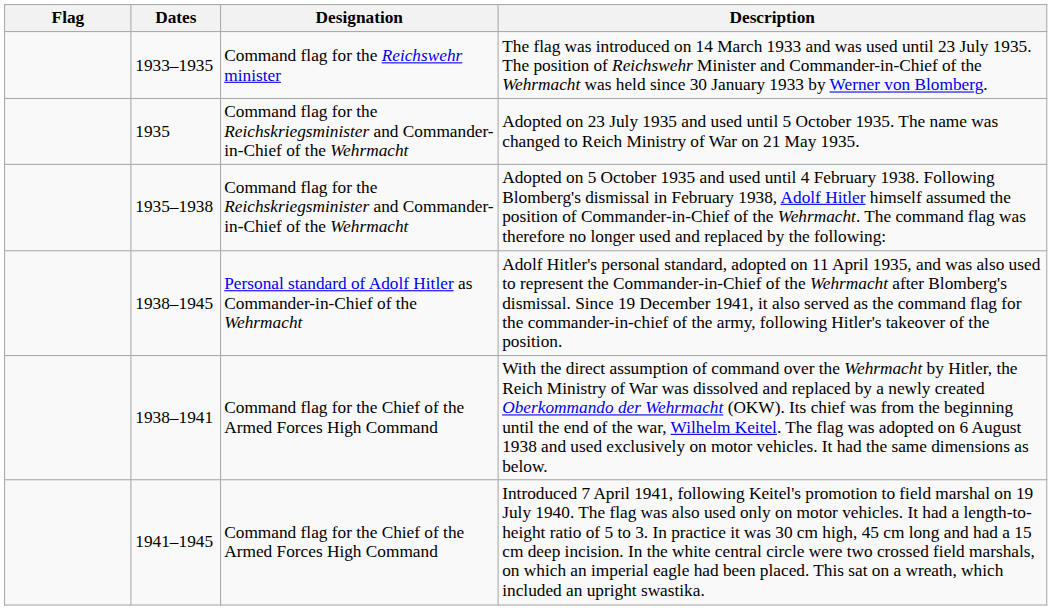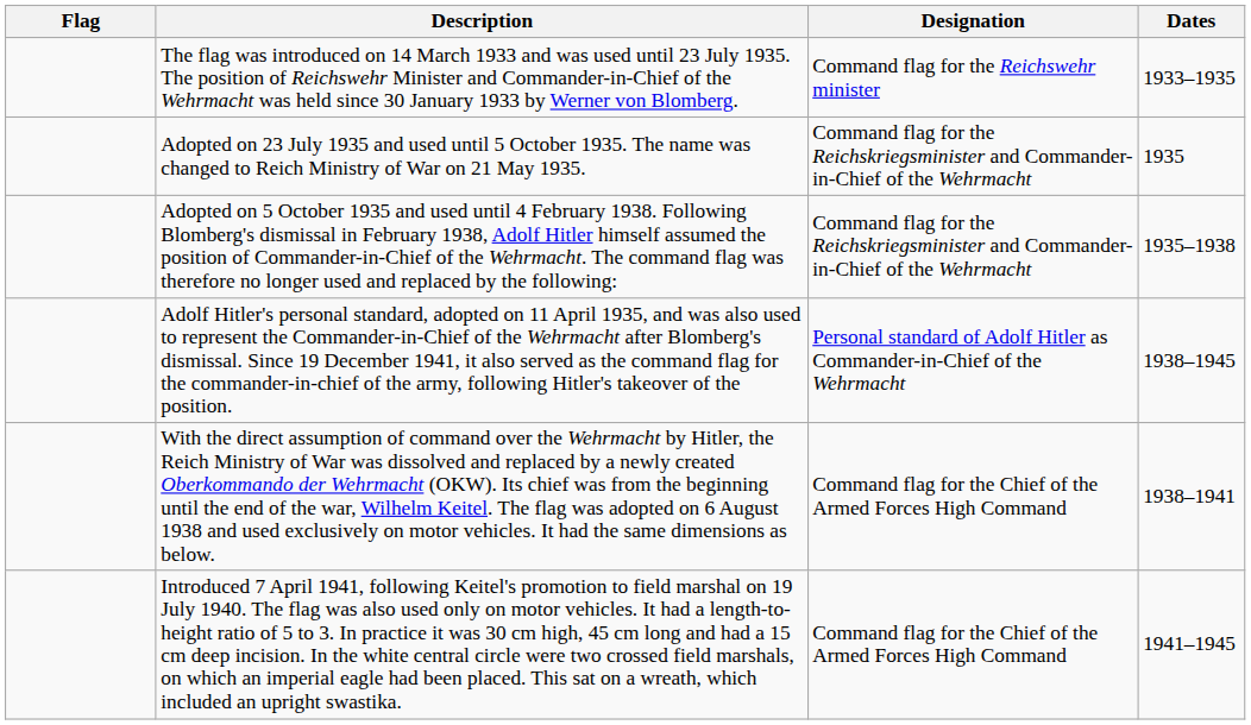 <table class="wikitable">
 <tr>
 <th width="110">Flag</th>
+<th width="500">Description</th>
+<th width="250">Designation</th>
 <th width="75">Dates</th>
-<th width="250">Designation</th>
-<th width="500">Description</th>
 </tr>
 <tr>
 <td></td>
+<td>The flag was introduced on 14 March 1933 and was used until 23 July 1935. The position of <em>Reichswehr</em> Minister and Commander-in-Chief of the <em>Wehrmacht</em> was held since 30 January 1933 by <a href='#'>Werner von Blomberg</a>.</td>
+<td>Command flag for the <a href='#'><em>Reichswehr</em> minister</a></td>
 <td>1933–1935</td>
-<td>Command flag for the <a href='#'><em>Reichswehr</em> minister</a></td>
-<td>The flag was introduced on 14 March 1933 and was used until 23 July 1935. The position of <em>Reichswehr</em> Minister and Commander-in-Chief of the <em>Wehrmacht</em> was held since 30 January 1933 by <a href='#'>Werner von Blomberg</a>.</td>
 </tr>
 <tr>
 <td></td>
+<td>Adopted on 23 July 1935 and used until 5 October 1935. The name was changed to Reich Ministry of War on 21 May 1935.</td>
+<td>Command flag for the <em>Reichskriegsminister</em> and Commander-in-Chief of the <em>Wehrmacht</em></td>
 <td>1935</td>
-<td>Command flag for the <em>Reichskriegsminister</em> and Commander-in-Chief of the <em>Wehrmacht</em></td>
-<td>Adopted on 23 July 1935 and used until 5 October 1935. The name was changed to Reich Ministry of War on 21 May 1935.</td>
 </tr>
 <tr>
 <td></td>
+<td>Adopted on 5 October 1935 and used until 4 February 1938. Following Blomberg's dismissal in February 1938, <a href='#'>Adolf Hitler</a> himself assumed the position of Commander-in-Chief of the <em>Wehrmacht</em>. The command flag was therefore no longer used and replaced by the following:</td>
+<td>Command flag for the <em>Reichskriegsminister</em> and Commander-in-Chief of the <em>Wehrmacht</em></td>
 <td>1935–1938</td>
-<td>Command flag for the <em>Reichskriegsminister</em> and Commander-in-Chief of the <em>Wehrmacht</em></td>
-<td>Adopted on 5 October 1935 and used until 4 February 1938. Following Blomberg's dismissal in February 1938, <a href='#'>Adolf Hitler</a> himself assumed the position of Commander-in-Chief of the <em>Wehrmacht</em>. The command flag was therefore no longer used and replaced by the following:</td>
 </tr>
 <tr>
 <td></td>
+<td>Adolf Hitler's personal standard, adopted on 11 April 1935, and was also used to represent the Commander-in-Chief of the <em>Wehrmacht</em> after Blomberg's dismissal. Since 19 December 1941, it also served as the command flag for the commander-in-chief of the army, following Hitler's takeover of the position.</td>
+<td><a href='#'>Personal standard of Adolf Hitler</a> as Commander-in-Chief of the <em>Wehrmacht</em></td>
 <td>1938–1945</td>
-<td><a href='#'>Personal standard of Adolf Hitler</a> as Commander-in-Chief of the <em>Wehrmacht</em></td>
-<td>Adolf Hitler's personal standard, adopted on 11 April 1935, and was also used to represent the Commander-in-Chief of the <em>Wehrmacht</em> after Blomberg's dismissal. Since 19 December 1941, it also served as the command flag for the commander-in-chief of the army, following Hitler's takeover of the position.</td>
 </tr>
 <tr>
 <td></td>
+<td>With the direct assumption of command over the <em>Wehrmacht</em> by Hitler, the Reich Ministry of War was dissolved and replaced by a newly created <em><a href='#'>Oberkommando der Wehrmacht</a></em> (OKW). Its chief was from the beginning until the end of the war, <a href='#'>Wilhelm Keitel</a>. The flag was adopted on 6 August 1938 and used exclusively on motor vehicles. It had the same dimensions as below.</td>
+<td>Command flag for the Chief of the Armed Forces High Command</td>
 <td>1938–1941</td>
-<td>Command flag for the Chief of the Armed Forces High Command</td>
-<td>With the direct assumption of command over the <em>Wehrmacht</em> by Hitler, the Reich Ministry of War was dissolved and replaced by a newly created <em><a href='#'>Oberkommando der Wehrmacht</a></em> (OKW). Its chief was from the beginning until the end of the war, <a href='#'>Wilhelm Keitel</a>. The flag was adopted on 6 August 1938 and used exclusively on motor vehicles. It had the same dimensions as below.</td>
 </tr>
 <tr>
 <td></td>
+<td>Introduced 7 April 1941, following Keitel's promotion to field marshal on 19 July 1940. The flag was also used only on motor vehicles. It had a length-to-height ratio of 5 to 3. In practice it was 30 cm high, 45 cm long and had a 15 cm deep incision. In the white central circle were two crossed field marshals, on which an imperial eagle had been placed. This sat on a wreath, which included an upright swastika.</td>
+<td>Command flag for the Chief of the Armed Forces High Command</td>
 <td>1941–1945</td>
-<td>Command flag for the Chief of the Armed Forces High Command</td>
-<td>Introduced 7 April 1941, following Keitel's promotion to field marshal on 19 July 1940. The flag was also used only on motor vehicles. It had a length-to-height ratio of 5 to 3. In practice it was 30 cm high, 45 cm long and had a 15 cm deep incision. In the white central circle were two crossed field marshals, on which an imperial eagle had been placed. This sat on a wreath, which included an upright swastika.</td>
 </tr>
 </table>
